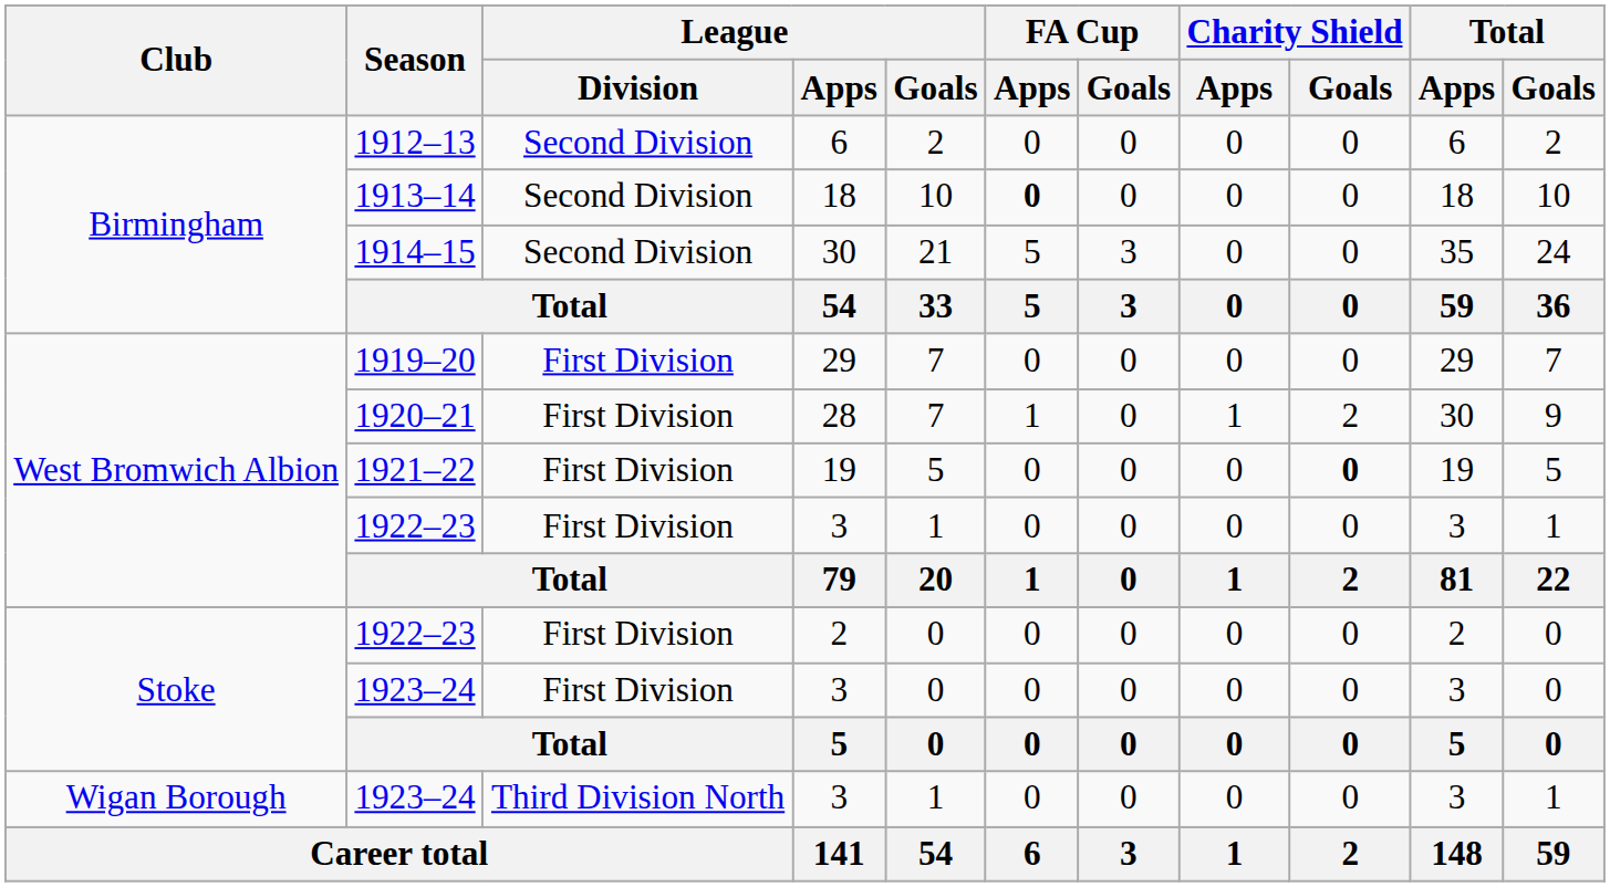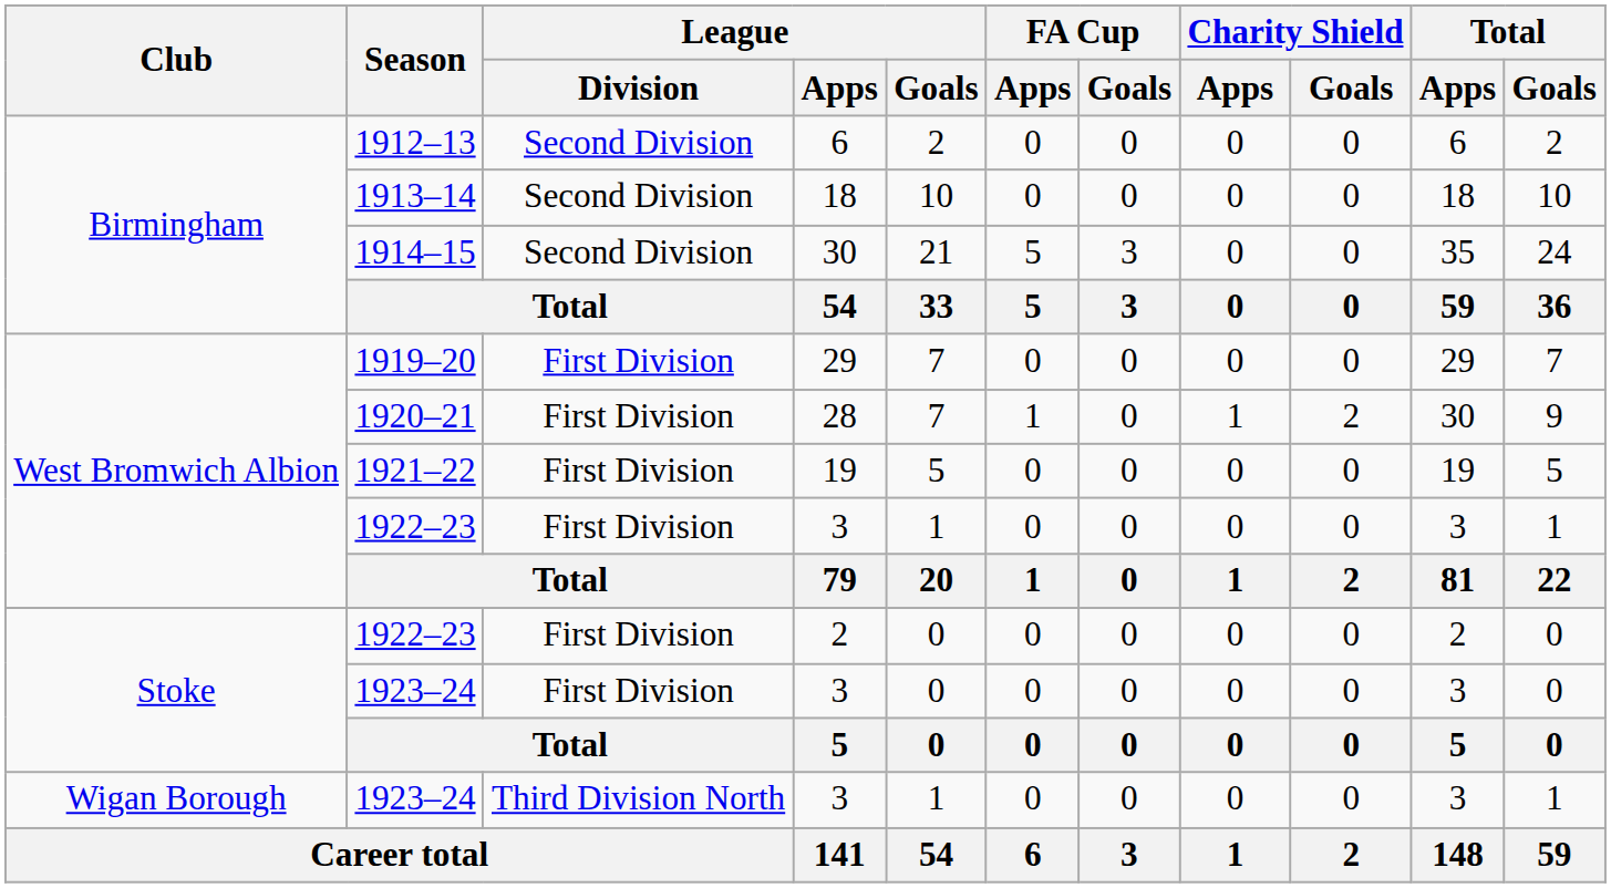 <table class="wikitable" style="text-align: center;">
 <tr>
 <th rowspan=2>Club</th>
 <th rowspan=2>Season</th>
 <th colspan=3>League</th>
 <th colspan=2>FA Cup</th>
 <th colspan=2><a href='#'>Charity Shield</a></th>
 <th colspan=2>Total</th>
 </tr>
 <tr>
 <th>Division</th>
 <th>Apps</th>
 <th>Goals</th>
 <th>Apps</th>
 <th>Goals</th>
 <th>Apps</th>
 <th>Goals</th>
 <th>Apps</th>
 <th>Goals</th>
 </tr>
 <tr>
 <td rowspan=4><a href='#'>Birmingham</a></td>
 <td><a href='#'>1912–13</a></td>
 <td><a href='#'>Second Division</a></td>
 <td>6</td>
 <td>2</td>
 <td>0</td>
 <td>0</td>
 <td>0</td>
 <td>0</td>
 <td>6</td>
 <td>2</td>
 </tr>
 <tr>
 <td><a href='#'>1913–14</a></td>
 <td>Second Division</td>
 <td>18</td>
 <td>10</td>
-<td><strong>0</strong></td>
+<td>0</td>
 <td>0</td>
 <td>0</td>
 <td>0</td>
 <td>18</td>
 <td>10</td>
 </tr>
 <tr>
 <td><a href='#'>1914–15</a></td>
 <td>Second Division</td>
 <td>30</td>
 <td>21</td>
 <td>5</td>
 <td>3</td>
 <td>0</td>
 <td>0</td>
 <td>35</td>
 <td>24</td>
 </tr>
 <tr>
 <th colspan=2>Total</th>
 <th>54</th>
 <th>33</th>
 <th>5</th>
 <th>3</th>
 <th>0</th>
 <th>0</th>
 <th>59</th>
 <th>36</th>
 </tr>
 <tr>
 <td rowspan=5><a href='#'>West Bromwich Albion</a></td>
 <td><a href='#'>1919–20</a></td>
 <td><a href='#'>First Division</a></td>
 <td>29</td>
 <td>7</td>
 <td>0</td>
 <td>0</td>
 <td>0</td>
 <td>0</td>
 <td>29</td>
 <td>7</td>
 </tr>
 <tr>
 <td><a href='#'>1920–21</a></td>
 <td>First Division</td>
 <td>28</td>
 <td>7</td>
 <td>1</td>
 <td>0</td>
 <td>1</td>
 <td>2</td>
 <td>30</td>
 <td>9</td>
 </tr>
 <tr>
 <td><a href='#'>1921–22</a></td>
 <td>First Division</td>
 <td>19</td>
 <td>5</td>
 <td>0</td>
 <td>0</td>
 <td>0</td>
-<td><strong>0</strong></td>
+<td>0</td>
 <td>19</td>
 <td>5</td>
 </tr>
 <tr>
 <td><a href='#'>1922–23</a></td>
 <td>First Division</td>
 <td>3</td>
 <td>1</td>
 <td>0</td>
 <td>0</td>
 <td>0</td>
 <td>0</td>
 <td>3</td>
 <td>1</td>
 </tr>
 <tr>
 <th colspan=2>Total</th>
 <th>79</th>
 <th>20</th>
 <th>1</th>
 <th>0</th>
 <th>1</th>
 <th>2</th>
 <th>81</th>
 <th>22</th>
 </tr>
 <tr>
 <td rowspan=3><a href='#'>Stoke</a></td>
 <td><a href='#'>1922–23</a></td>
 <td>First Division</td>
 <td>2</td>
 <td>0</td>
 <td>0</td>
 <td>0</td>
 <td>0</td>
 <td>0</td>
 <td>2</td>
 <td>0</td>
 </tr>
 <tr>
 <td><a href='#'>1923–24</a></td>
 <td>First Division</td>
 <td>3</td>
 <td>0</td>
 <td>0</td>
 <td>0</td>
 <td>0</td>
 <td>0</td>
 <td>3</td>
 <td>0</td>
 </tr>
 <tr>
 <th colspan=2>Total</th>
 <th>5</th>
 <th>0</th>
 <th>0</th>
 <th>0</th>
 <th>0</th>
 <th>0</th>
 <th>5</th>
 <th>0</th>
 </tr>
 <tr>
 <td><a href='#'>Wigan Borough</a></td>
 <td><a href='#'>1923–24</a></td>
 <td><a href='#'>Third Division North</a></td>
 <td>3</td>
 <td>1</td>
 <td>0</td>
 <td>0</td>
 <td>0</td>
 <td>0</td>
 <td>3</td>
 <td>1</td>
 </tr>
 <tr>
 <th colspan=3>Career total</th>
 <th>141</th>
 <th>54</th>
 <th>6</th>
 <th>3</th>
 <th>1</th>
 <th>2</th>
 <th>148</th>
 <th>59</th>
 </tr>
 </table>
